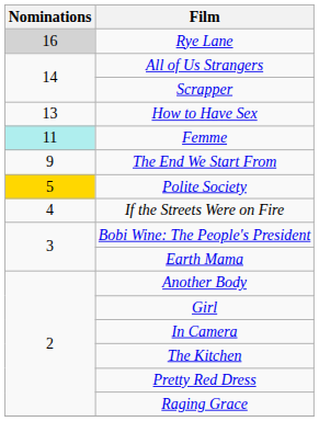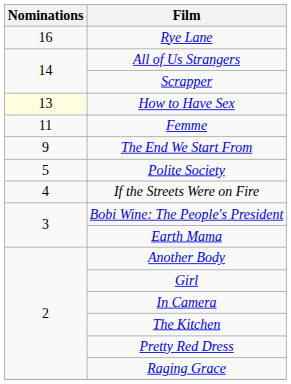 <table class="wikitable plainrowheaders" style="text-align:center;">
 <tr>
 <th scope="col" style="width:55px;">Nominations</th>
 <th scope="col" style="text-align:center;">Film</th>
 </tr>
 <tr>
-<td style="background: lightgrey;">16</td>
+<td>16</td>
 <td><em><a href='#'>Rye Lane</a></em></td>
 </tr>
 <tr>
 <td rowspan="2">14</td>
 <td><em><a href='#'>All of Us Strangers</a></em></td>
 </tr>
 <tr>
 <td><em><a href='#'>Scrapper</a></em></td>
 </tr>
 <tr>
-<td>13</td>
+<td style="background: lightyellow;">13</td>
 <td><em><a href='#'>How to Have Sex</a></em></td>
 </tr>
 <tr>
-<td style="background: paleturquoise;">11</td>
+<td>11</td>
 <td><em><a href='#'>Femme</a></em></td>
 </tr>
 <tr>
 <td>9</td>
 <td><em><a href='#'>The End We Start From</a></em></td>
 </tr>
 <tr>
-<td style="background: gold;">5</td>
+<td>5</td>
 <td><em><a href='#'>Polite Society</a></em></td>
 </tr>
 <tr>
 <td>4</td>
 <td><em>If the Streets Were on Fire</em></td>
 </tr>
 <tr>
 <td rowspan="2">3</td>
 <td><em><a href='#'>Bobi Wine: The People's President</a></em></td>
 </tr>
 <tr>
 <td><em><a href='#'>Earth Mama</a></em></td>
 </tr>
 <tr>
 <td rowspan="6">2</td>
 <td><em><a href='#'>Another Body</a></em></td>
 </tr>
 <tr>
 <td><em><a href='#'>Girl</a></em></td>
 </tr>
 <tr>
 <td><em><a href='#'>In Camera</a></em></td>
 </tr>
 <tr>
 <td><em><a href='#'>The Kitchen</a></em></td>
 </tr>
 <tr>
 <td><em><a href='#'>Pretty Red Dress</a></em></td>
 </tr>
 <tr>
 <td><em><a href='#'>Raging Grace</a></em></td>
 </tr>
 <tr>
 </tr>
 </table>
